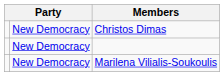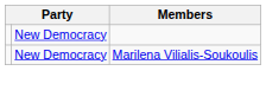 <table class="wikitable">
 <tr>
 <th colspan="2">Party</th>
 <th>Members</th>
-</tr>
-<tr>
-<td width="1"></td>
-<td><a href='#'>New Democracy</a></td>
-<td><a href='#'>Christos Dimas</a></td>
 </tr>
 <tr>
 <td width="1"></td>
 <td><a href='#'>New Democracy</a></td>
 <td></td>
 </tr>
 <tr>
 <td width="1"></td>
 <td><a href='#'>New Democracy</a></td>
 <td><a href='#'>Marilena Vilialis-Soukoulis</a></td>
 </tr>
 </table>
